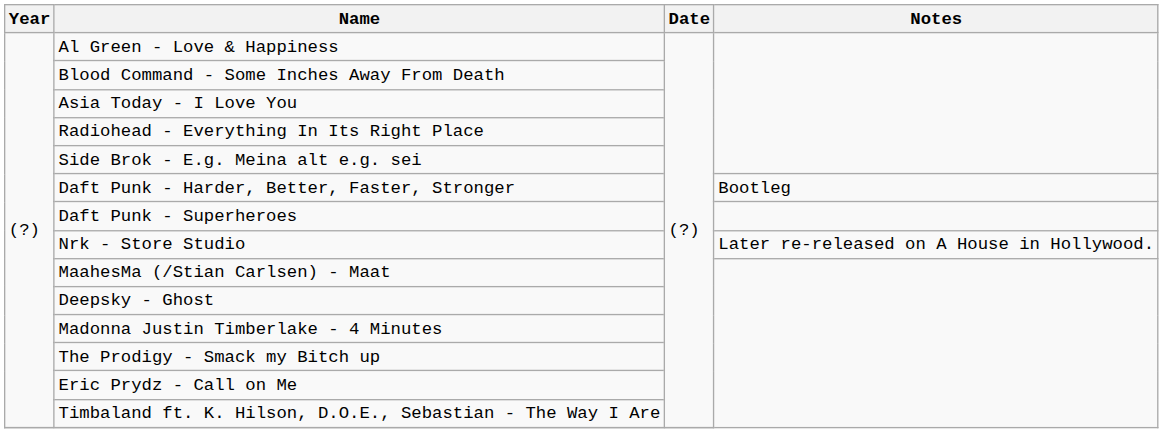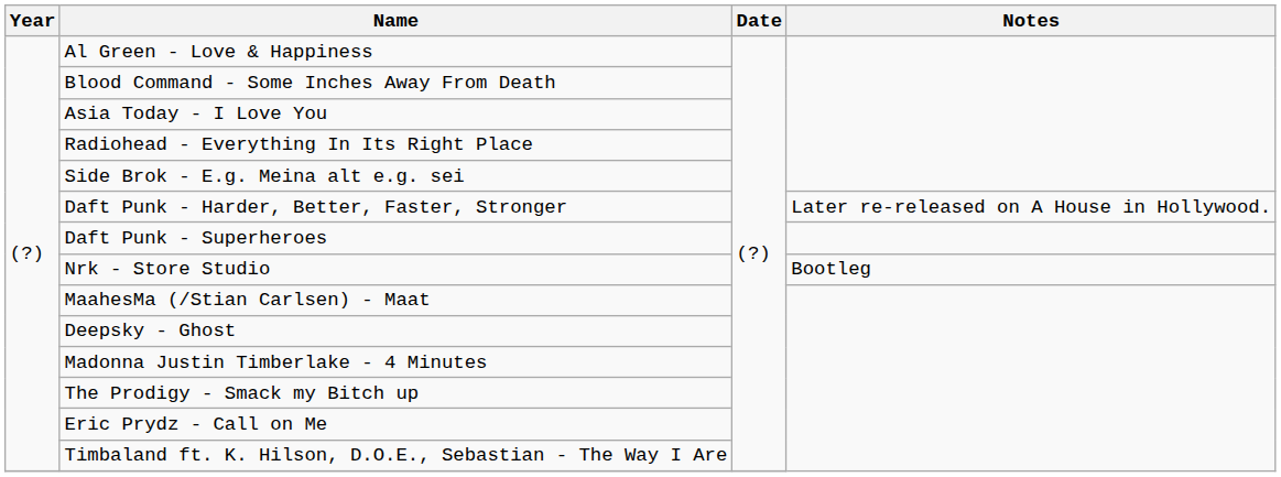 <table class="wikitable">
 <tr>
 <th>Year</th>
 <th>Name</th>
 <th>Date</th>
 <th>Notes</th>
 </tr>
 <tr>
 <td rowspan="14">(?)</td>
 <td>Al Green - Love & Happiness</td>
 <td rowspan="14">(?)</td>
 </tr>
 <tr>
 <td>Blood Command - Some Inches Away From Death</td>
 </tr>
 <tr>
 <td>Asia Today - I Love You</td>
 </tr>
 <tr>
 <td>Radiohead - Everything In Its Right Place</td>
 </tr>
 <tr>
 <td>Side Brok - E.g. Meina alt e.g. sei</td>
 </tr>
 <tr>
 <td>Daft Punk - Harder, Better, Faster, Stronger</td>
-<td>Bootleg</td>
+<td>Later re-released on A House in Hollywood.</td>
 </tr>
 <tr>
 <td>Daft Punk - Superheroes</td>
 </tr>
 <tr>
 <td>Nrk - Store Studio</td>
-<td>Later re-released on A House in Hollywood.</td>
+<td>Bootleg</td>
 </tr>
 <tr>
 <td>MaahesMa (/Stian Carlsen) - Maat</td>
 </tr>
 <tr>
 <td>Deepsky - Ghost</td>
 </tr>
 <tr>
 <td>Madonna Justin Timberlake - 4 Minutes</td>
 </tr>
 <tr>
 <td>The Prodigy - Smack my Bitch up</td>
 </tr>
 <tr>
 <td>Eric Prydz - Call on Me</td>
 </tr>
 <tr>
 <td>Timbaland ft. K. Hilson, D.O.E., Sebastian - The Way I Are</td>
 </tr>
 <tr>
 </tr>
 </table>
